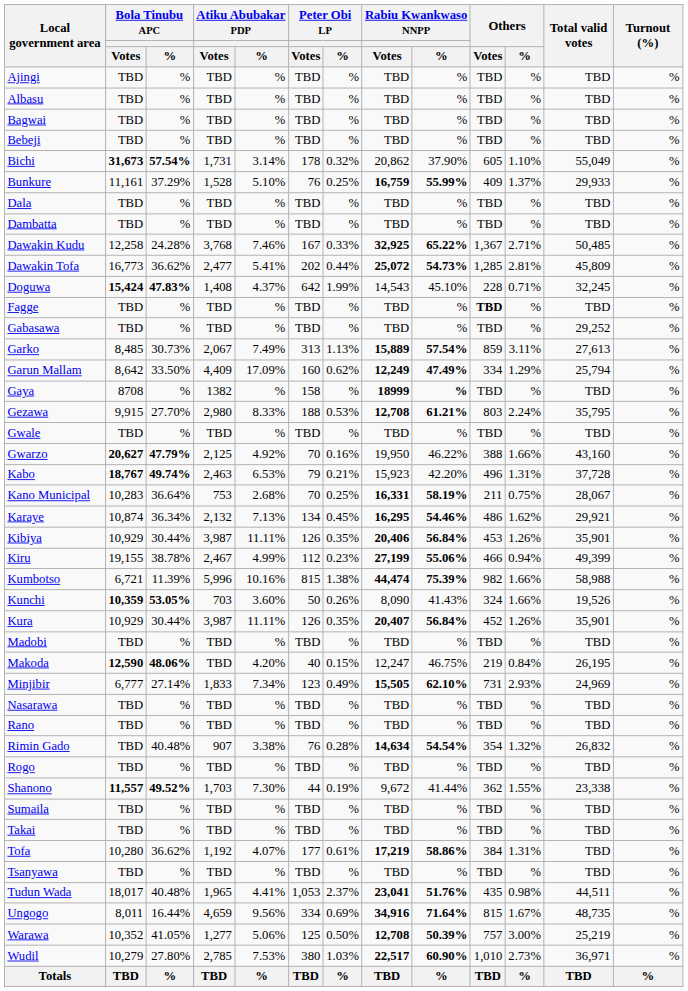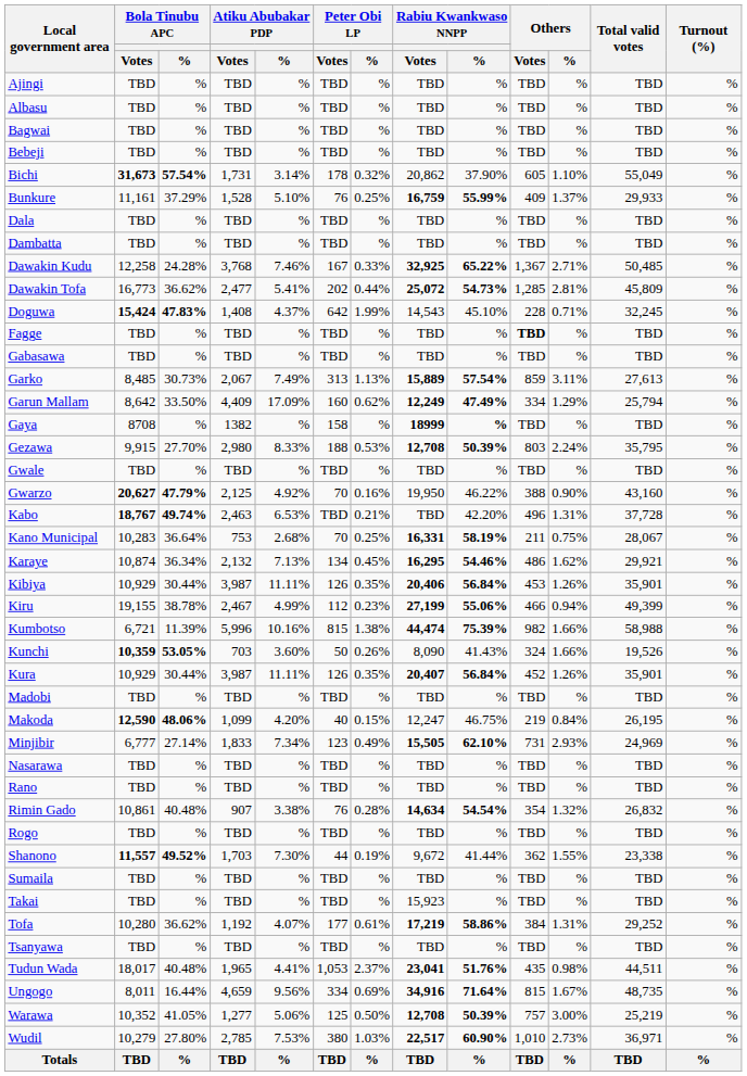 <table class="wikitable sortable" style="text-align:right; font-size:90%">
 <tr>
 <th rowspan="3" style="max-width:7.5em;">Local government area</th>
 <th colspan="2"><a href='#'>Bola Tinubu</a><br><small>APC</small></th>
 <th colspan="2"><a href='#'>Atiku Abubakar</a><br><small>PDP</small></th>
 <th colspan="2"><a href='#'>Peter Obi</a><br><small>LP</small></th>
 <th colspan="2"><a href='#'>Rabiu Kwankwaso</a><br><small>NNPP</small></th>
 <th colspan="2" rowspan="2">Others</th>
 <th rowspan="3" style="max-width:5em;">Total valid votes</th>
 <th rowspan="3" style="max-width:5em;">Turnout (%)</th>
 </tr>
 <tr>
 <th colspan=2 style="background-color:"></th>
 <th colspan=2 style="background-color:"></th>
 <th colspan=2 style="background-color:"></th>
 <th colspan=2 style="background-color:"></th>
 </tr>
 <tr>
 <th>Votes</th>
 <th>%</th>
 <th>Votes</th>
 <th>%</th>
 <th>Votes</th>
 <th>%</th>
 <th>Votes</th>
 <th>%</th>
 <th>Votes</th>
 <th>%</th>
 </tr>
 <tr style="background-color:#">
 <td style="text-align:left;"><a href='#'>Ajingi</a></td>
 <td>TBD</td>
 <td>%</td>
 <td>TBD</td>
 <td>%</td>
 <td>TBD</td>
 <td>%</td>
 <td>TBD</td>
 <td>%</td>
 <td>TBD</td>
 <td>%</td>
 <td>TBD</td>
 <td>%</td>
 </tr>
 <tr style="background-color:#">
 <td style="text-align:left;"><a href='#'>Albasu</a></td>
 <td>TBD</td>
 <td>%</td>
 <td>TBD</td>
 <td>%</td>
 <td>TBD</td>
 <td>%</td>
 <td>TBD</td>
 <td>%</td>
 <td>TBD</td>
 <td>%</td>
 <td>TBD</td>
 <td>%</td>
 </tr>
 <tr style="background-color:#">
 <td style="text-align:left;"><a href='#'>Bagwai</a></td>
 <td>TBD</td>
 <td>%</td>
 <td>TBD</td>
 <td>%</td>
 <td>TBD</td>
 <td>%</td>
 <td>TBD</td>
 <td>%</td>
 <td>TBD</td>
 <td>%</td>
 <td>TBD</td>
 <td>%</td>
 </tr>
 <tr style="background-color:#">
 <td style="text-align:left;"><a href='#'>Bebeji</a></td>
 <td>TBD</td>
 <td>%</td>
 <td>TBD</td>
 <td>%</td>
 <td>TBD</td>
 <td>%</td>
 <td>TBD</td>
 <td>%</td>
 <td>TBD</td>
 <td>%</td>
 <td>TBD</td>
 <td>%</td>
 </tr>
 <tr style="background-color:#">
 <td style="text-align:left;"><a href='#'>Bichi</a></td>
 <td><strong>31,673</strong></td>
 <td><strong>57.54%</strong></td>
 <td>1,731</td>
 <td>3.14%</td>
 <td>178</td>
 <td>0.32%</td>
 <td>20,862</td>
 <td>37.90%</td>
 <td>605</td>
 <td>1.10%</td>
 <td>55,049</td>
 <td>%</td>
 </tr>
 <tr style="background-color:#">
 <td style="text-align:left;"><a href='#'>Bunkure</a></td>
 <td>11,161</td>
 <td>37.29%</td>
 <td>1,528</td>
 <td>5.10%</td>
 <td>76</td>
 <td>0.25%</td>
 <td><strong>16,759</strong></td>
 <td><strong>55.99%</strong></td>
 <td>409</td>
 <td>1.37%</td>
 <td>29,933</td>
 <td>%</td>
 </tr>
 <tr style="background-color:#">
 <td style="text-align:left;"><a href='#'>Dala</a></td>
 <td>TBD</td>
 <td>%</td>
 <td>TBD</td>
 <td>%</td>
 <td>TBD</td>
 <td>%</td>
 <td>TBD</td>
 <td>%</td>
 <td>TBD</td>
 <td>%</td>
 <td>TBD</td>
 <td>%</td>
 </tr>
 <tr style="background-color:#">
 <td style="text-align:left;"><a href='#'>Dambatta</a></td>
 <td>TBD</td>
 <td>%</td>
 <td>TBD</td>
 <td>%</td>
 <td>TBD</td>
 <td>%</td>
 <td>TBD</td>
 <td>%</td>
 <td>TBD</td>
 <td>%</td>
 <td>TBD</td>
 <td>%</td>
 </tr>
 <tr style="background-color:#">
 <td style="text-align:left;"><a href='#'>Dawakin Kudu</a></td>
 <td>12,258</td>
 <td>24.28%</td>
 <td>3,768</td>
 <td>7.46%</td>
 <td>167</td>
 <td>0.33%</td>
 <td><strong>32,925</strong></td>
 <td><strong>65.22%</strong></td>
 <td>1,367</td>
 <td>2.71%</td>
 <td>50,485</td>
 <td>%</td>
 </tr>
 <tr style="background-color:#">
 <td style="text-align:left;"><a href='#'>Dawakin Tofa</a></td>
 <td>16,773</td>
 <td>36.62%</td>
 <td>2,477</td>
 <td>5.41%</td>
 <td>202</td>
 <td>0.44%</td>
 <td><strong>25,072</strong></td>
 <td><strong>54.73%</strong></td>
 <td>1,285</td>
 <td>2.81%</td>
 <td>45,809</td>
 <td>%</td>
 </tr>
 <tr style="background-color:#">
 <td style="text-align:left;"><a href='#'>Doguwa</a></td>
 <td><strong>15,424</strong></td>
 <td><strong>47.83%</strong></td>
 <td>1,408</td>
 <td>4.37%</td>
 <td>642</td>
 <td>1.99%</td>
 <td>14,543</td>
 <td>45.10%</td>
 <td>228</td>
 <td>0.71%</td>
 <td>32,245</td>
 <td>%</td>
 </tr>
 <tr style="background-color:#">
 <td style="text-align:left;"><a href='#'>Fagge</a></td>
 <td>TBD</td>
 <td>%</td>
 <td>TBD</td>
 <td>%</td>
 <td>TBD</td>
 <td>%</td>
 <td>TBD</td>
 <td>%</td>
 <td><strong>TBD</strong></td>
 <td>%</td>
 <td>TBD</td>
 <td>%</td>
 </tr>
 <tr style="background-color:#">
 <td style="text-align:left;"><a href='#'>Gabasawa</a></td>
 <td>TBD</td>
 <td>%</td>
 <td>TBD</td>
 <td>%</td>
 <td>TBD</td>
 <td>%</td>
 <td>TBD</td>
 <td>%</td>
 <td>TBD</td>
 <td>%</td>
-<td>29,252</td>
+<td>TBD</td>
 <td>%</td>
 </tr>
 <tr style="background-color:#">
 <td style="text-align:left;"><a href='#'>Garko</a></td>
 <td>8,485</td>
 <td>30.73%</td>
 <td>2,067</td>
 <td>7.49%</td>
 <td>313</td>
 <td>1.13%</td>
 <td><strong>15,889</strong></td>
 <td><strong>57.54%</strong></td>
 <td>859</td>
 <td>3.11%</td>
 <td>27,613</td>
 <td>%</td>
 </tr>
 <tr style="background-color:#">
 <td style="text-align:left;"><a href='#'>Garun Mallam</a></td>
 <td>8,642</td>
 <td>33.50%</td>
 <td>4,409</td>
 <td>17.09%</td>
 <td>160</td>
 <td>0.62%</td>
 <td><strong>12,249</strong></td>
 <td><strong>47.49%</strong></td>
 <td>334</td>
 <td>1.29%</td>
 <td>25,794</td>
 <td>%</td>
 </tr>
 <tr style="background-color:#">
 <td style="text-align:left;"><a href='#'>Gaya</a></td>
 <td>8708</td>
 <td>%</td>
 <td>1382</td>
 <td>%</td>
 <td>158</td>
 <td>%</td>
 <td><strong>18999</strong></td>
 <td><strong>%</strong></td>
 <td>TBD</td>
 <td>%</td>
 <td>TBD</td>
 <td>%</td>
 </tr>
 <tr style="background-color:#">
 <td style="text-align:left;"><a href='#'>Gezawa</a></td>
 <td>9,915</td>
 <td>27.70%</td>
 <td>2,980</td>
 <td>8.33%</td>
 <td>188</td>
 <td>0.53%</td>
 <td><strong>12,708</strong></td>
-<td><strong>61.21%</strong></td>
+<td><strong>50.39%</strong></td>
 <td>803</td>
 <td>2.24%</td>
 <td>35,795</td>
 <td>%</td>
 </tr>
 <tr style="background-color:#">
 <td style="text-align:left;"><a href='#'>Gwale</a></td>
 <td>TBD</td>
 <td>%</td>
 <td>TBD</td>
 <td>%</td>
 <td>TBD</td>
 <td>%</td>
 <td>TBD</td>
 <td>%</td>
 <td>TBD</td>
 <td>%</td>
 <td>TBD</td>
 <td>%</td>
 </tr>
 <tr style="background-color:#">
 <td style="text-align:left;"><a href='#'>Gwarzo</a></td>
 <td><strong>20,627</strong></td>
 <td><strong>47.79%</strong></td>
 <td>2,125</td>
 <td>4.92%</td>
 <td>70</td>
 <td>0.16%</td>
 <td>19,950</td>
 <td>46.22%</td>
 <td>388</td>
-<td>1.66%</td>
+<td>0.90%</td>
 <td>43,160</td>
 <td>%</td>
 </tr>
 <tr style="background-color:#">
 <td style="text-align:left;"><a href='#'>Kabo</a></td>
 <td><strong>18,767</strong></td>
 <td><strong>49.74%</strong></td>
 <td>2,463</td>
 <td>6.53%</td>
-<td>79</td>
+<td>TBD</td>
 <td>0.21%</td>
-<td>15,923</td>
+<td>TBD</td>
 <td>42.20%</td>
 <td>496</td>
 <td>1.31%</td>
 <td>37,728</td>
 <td>%</td>
 </tr>
 <tr style="background-color:#">
 <td style="text-align:left;"><a href='#'>Kano Municipal</a></td>
 <td>10,283</td>
 <td>36.64%</td>
 <td>753</td>
 <td>2.68%</td>
 <td>70</td>
 <td>0.25%</td>
 <td><strong>16,331</strong></td>
 <td><strong>58.19%</strong></td>
 <td>211</td>
 <td>0.75%</td>
 <td>28,067</td>
 <td>%</td>
 </tr>
 <tr style="background-color:#">
 <td style="text-align:left;"><a href='#'>Karaye</a></td>
 <td>10,874</td>
 <td>36.34%</td>
 <td>2,132</td>
 <td>7.13%</td>
 <td>134</td>
 <td>0.45%</td>
 <td><strong>16,295</strong></td>
 <td><strong>54.46%</strong></td>
 <td>486</td>
 <td>1.62%</td>
 <td>29,921</td>
 <td>%</td>
 </tr>
 <tr style="background-color:#">
 <td style="text-align:left;"><a href='#'>Kibiya</a></td>
 <td>10,929</td>
 <td>30.44%</td>
 <td>3,987</td>
 <td>11.11%</td>
 <td>126</td>
 <td>0.35%</td>
 <td><strong>20,406</strong></td>
 <td><strong>56.84%</strong></td>
 <td>453</td>
 <td>1.26%</td>
 <td>35,901</td>
 <td>%</td>
 </tr>
 <tr style="background-color:#">
 <td style="text-align:left;"><a href='#'>Kiru</a></td>
 <td>19,155</td>
 <td>38.78%</td>
 <td>2,467</td>
 <td>4.99%</td>
 <td>112</td>
 <td>0.23%</td>
 <td><strong>27,199</strong></td>
 <td><strong>55.06%</strong></td>
 <td>466</td>
 <td>0.94%</td>
 <td>49,399</td>
 <td>%</td>
 </tr>
 <tr style="background-color:#">
 <td style="text-align:left;"><a href='#'>Kumbotso</a></td>
 <td>6,721</td>
 <td>11.39%</td>
 <td>5,996</td>
 <td>10.16%</td>
 <td>815</td>
 <td>1.38%</td>
 <td><strong>44,474</strong></td>
 <td><strong>75.39%</strong></td>
 <td>982</td>
 <td>1.66%</td>
 <td>58,988</td>
 <td>%</td>
 </tr>
 <tr style="background-color:#">
 <td style="text-align:left;"><a href='#'>Kunchi</a></td>
 <td><strong>10,359</strong></td>
 <td><strong>53.05%</strong></td>
 <td>703</td>
 <td>3.60%</td>
 <td>50</td>
 <td>0.26%</td>
 <td>8,090</td>
 <td>41.43%</td>
 <td>324</td>
 <td>1.66%</td>
 <td>19,526</td>
 <td>%</td>
 </tr>
 <tr style="background-color:#">
 <td style="text-align:left;"><a href='#'>Kura</a></td>
 <td>10,929</td>
 <td>30.44%</td>
 <td>3,987</td>
 <td>11.11%</td>
 <td>126</td>
 <td>0.35%</td>
 <td><strong>20,407</strong></td>
 <td><strong>56.84%</strong></td>
 <td>452</td>
 <td>1.26%</td>
 <td>35,901</td>
 <td>%</td>
 </tr>
 <tr style="background-color:#">
 <td style="text-align:left;"><a href='#'>Madobi</a></td>
 <td>TBD</td>
 <td>%</td>
 <td>TBD</td>
 <td>%</td>
 <td>TBD</td>
 <td>%</td>
 <td>TBD</td>
 <td>%</td>
 <td>TBD</td>
 <td>%</td>
 <td>TBD</td>
 <td>%</td>
 </tr>
 <tr style="background-color:#">
 <td style="text-align:left;"><a href='#'>Makoda</a></td>
 <td><strong>12,590</strong></td>
 <td><strong>48.06%</strong></td>
-<td>TBD</td>
+<td>1,099</td>
 <td>4.20%</td>
 <td>40</td>
 <td>0.15%</td>
 <td>12,247</td>
 <td>46.75%</td>
 <td>219</td>
 <td>0.84%</td>
 <td>26,195</td>
 <td>%</td>
 </tr>
 <tr style="background-color:#">
 <td style="text-align:left;"><a href='#'>Minjibir</a></td>
 <td>6,777</td>
 <td>27.14%</td>
 <td>1,833</td>
 <td>7.34%</td>
 <td>123</td>
 <td>0.49%</td>
 <td><strong>15,505</strong></td>
 <td><strong>62.10%</strong></td>
 <td>731</td>
 <td>2.93%</td>
 <td>24,969</td>
 <td>%</td>
 </tr>
 <tr style="background-color:#">
 <td style="text-align:left;"><a href='#'>Nasarawa</a></td>
 <td>TBD</td>
 <td>%</td>
 <td>TBD</td>
 <td>%</td>
 <td>TBD</td>
 <td>%</td>
 <td>TBD</td>
 <td>%</td>
 <td>TBD</td>
 <td>%</td>
 <td>TBD</td>
 <td>%</td>
 </tr>
 <tr style="background-color:#">
 <td style="text-align:left;"><a href='#'>Rano</a></td>
 <td>TBD</td>
 <td>%</td>
 <td>TBD</td>
 <td>%</td>
 <td>TBD</td>
 <td>%</td>
 <td>TBD</td>
 <td>%</td>
 <td>TBD</td>
 <td>%</td>
 <td>TBD</td>
 <td>%</td>
 </tr>
 <tr style="background-color:#">
 <td style="text-align:left;"><a href='#'>Rimin Gado</a></td>
-<td>TBD</td>
+<td>10,861</td>
 <td>40.48%</td>
 <td>907</td>
 <td>3.38%</td>
 <td>76</td>
 <td>0.28%</td>
 <td><strong>14,634</strong></td>
 <td><strong>54.54%</strong></td>
 <td>354</td>
 <td>1.32%</td>
 <td>26,832</td>
 <td>%</td>
 </tr>
 <tr style="background-color:#">
 <td style="text-align:left;"><a href='#'>Rogo</a></td>
 <td>TBD</td>
 <td>%</td>
 <td>TBD</td>
 <td>%</td>
 <td>TBD</td>
 <td>%</td>
 <td>TBD</td>
 <td>%</td>
 <td>TBD</td>
 <td>%</td>
 <td>TBD</td>
 <td>%</td>
 </tr>
 <tr style="background-color:#">
 <td style="text-align:left;"><a href='#'>Shanono</a></td>
 <td><strong>11,557</strong></td>
 <td><strong>49.52%</strong></td>
 <td>1,703</td>
 <td>7.30%</td>
 <td>44</td>
 <td>0.19%</td>
 <td>9,672</td>
 <td>41.44%</td>
 <td>362</td>
 <td>1.55%</td>
 <td>23,338</td>
 <td>%</td>
 </tr>
 <tr style="background-color:#">
 <td style="text-align:left;"><a href='#'>Sumaila</a></td>
 <td>TBD</td>
 <td>%</td>
 <td>TBD</td>
 <td>%</td>
 <td>TBD</td>
 <td>%</td>
 <td>TBD</td>
 <td>%</td>
 <td>TBD</td>
 <td>%</td>
 <td>TBD</td>
 <td>%</td>
 </tr>
 <tr style="background-color:#">
 <td style="text-align:left;"><a href='#'>Takai</a></td>
 <td>TBD</td>
 <td>%</td>
 <td>TBD</td>
 <td>%</td>
 <td>TBD</td>
 <td>%</td>
-<td>TBD</td>
+<td>15,923</td>
 <td>%</td>
 <td>TBD</td>
 <td>%</td>
 <td>TBD</td>
 <td>%</td>
 </tr>
 <tr style="background-color:#">
 <td style="text-align:left;"><a href='#'>Tofa</a></td>
 <td>10,280</td>
 <td>36.62%</td>
 <td>1,192</td>
 <td>4.07%</td>
 <td>177</td>
 <td>0.61%</td>
 <td><strong>17,219</strong></td>
 <td><strong>58.86%</strong></td>
 <td>384</td>
 <td>1.31%</td>
-<td>TBD</td>
+<td>29,252</td>
 <td>%</td>
 </tr>
 <tr style="background-color:#">
 <td style="text-align:left;"><a href='#'>Tsanyawa</a></td>
 <td>TBD</td>
 <td>%</td>
 <td>TBD</td>
 <td>%</td>
 <td>TBD</td>
 <td>%</td>
 <td>TBD</td>
 <td>%</td>
 <td>TBD</td>
 <td>%</td>
 <td>TBD</td>
 <td>%</td>
 </tr>
 <tr style="background-color:#">
 <td style="text-align:left;"><a href='#'>Tudun Wada</a></td>
 <td>18,017</td>
 <td>40.48%</td>
 <td>1,965</td>
 <td>4.41%</td>
 <td>1,053</td>
 <td>2.37%</td>
 <td><strong>23,041</strong></td>
 <td><strong>51.76%</strong></td>
 <td>435</td>
 <td>0.98%</td>
 <td>44,511</td>
 <td>%</td>
 </tr>
 <tr style="background-color:#">
 <td style="text-align:left;"><a href='#'>Ungogo</a></td>
 <td>8,011</td>
 <td>16.44%</td>
 <td>4,659</td>
 <td>9.56%</td>
 <td>334</td>
 <td>0.69%</td>
 <td><strong>34,916</strong></td>
 <td><strong>71.64%</strong></td>
 <td>815</td>
 <td>1.67%</td>
 <td>48,735</td>
 <td>%</td>
 </tr>
 <tr style="background-color:#">
 <td style="text-align:left;"><a href='#'>Warawa</a></td>
 <td>10,352</td>
 <td>41.05%</td>
 <td>1,277</td>
 <td>5.06%</td>
 <td>125</td>
 <td>0.50%</td>
 <td><strong>12,708</strong></td>
 <td><strong>50.39%</strong></td>
 <td>757</td>
 <td>3.00%</td>
 <td>25,219</td>
 <td>%</td>
 </tr>
 <tr style="background-color:#">
 <td style="text-align:left;"><a href='#'>Wudil</a></td>
 <td>10,279</td>
 <td>27.80%</td>
 <td>2,785</td>
 <td>7.53%</td>
 <td>380</td>
 <td>1.03%</td>
 <td><strong>22,517</strong></td>
 <td><strong>60.90%</strong></td>
 <td>1,010</td>
 <td>2.73%</td>
 <td>36,971</td>
 <td>%</td>
 </tr>
 <tr>
 <th>Totals</th>
 <th>TBD</th>
 <th>%</th>
 <th>TBD</th>
 <th>%</th>
 <th>TBD</th>
 <th>%</th>
 <th>TBD</th>
 <th>%</th>
 <th>TBD</th>
 <th>%</th>
 <th>TBD</th>
 <th>%</th>
 </tr>
 </table>
